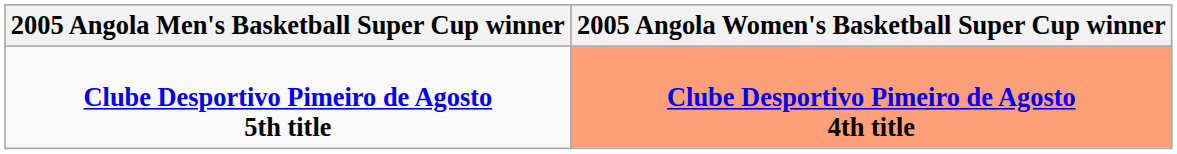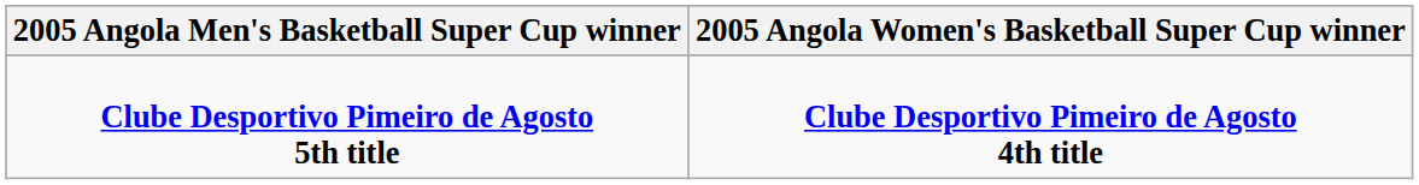 <table class=wikitable style="text-align:center; margin:auto">
 <tr>
 <th>2005 Angola Men's Basketball Super Cup winner</th>
 <th>2005 Angola Women's Basketball Super Cup winner</th>
 </tr>
 <tr>
 <td><br><strong><a href='#'>Clube Desportivo Pimeiro de Agosto</a></strong><br><strong>5th title</strong></td>
-<td style="background: lightsalmon;"><br><strong><a href='#'>Clube Desportivo Pimeiro de Agosto</a></strong><br><strong>4th title</strong></td>
+<td><br><strong><a href='#'>Clube Desportivo Pimeiro de Agosto</a></strong><br><strong>4th title</strong></td>
 </tr>
 </table>
